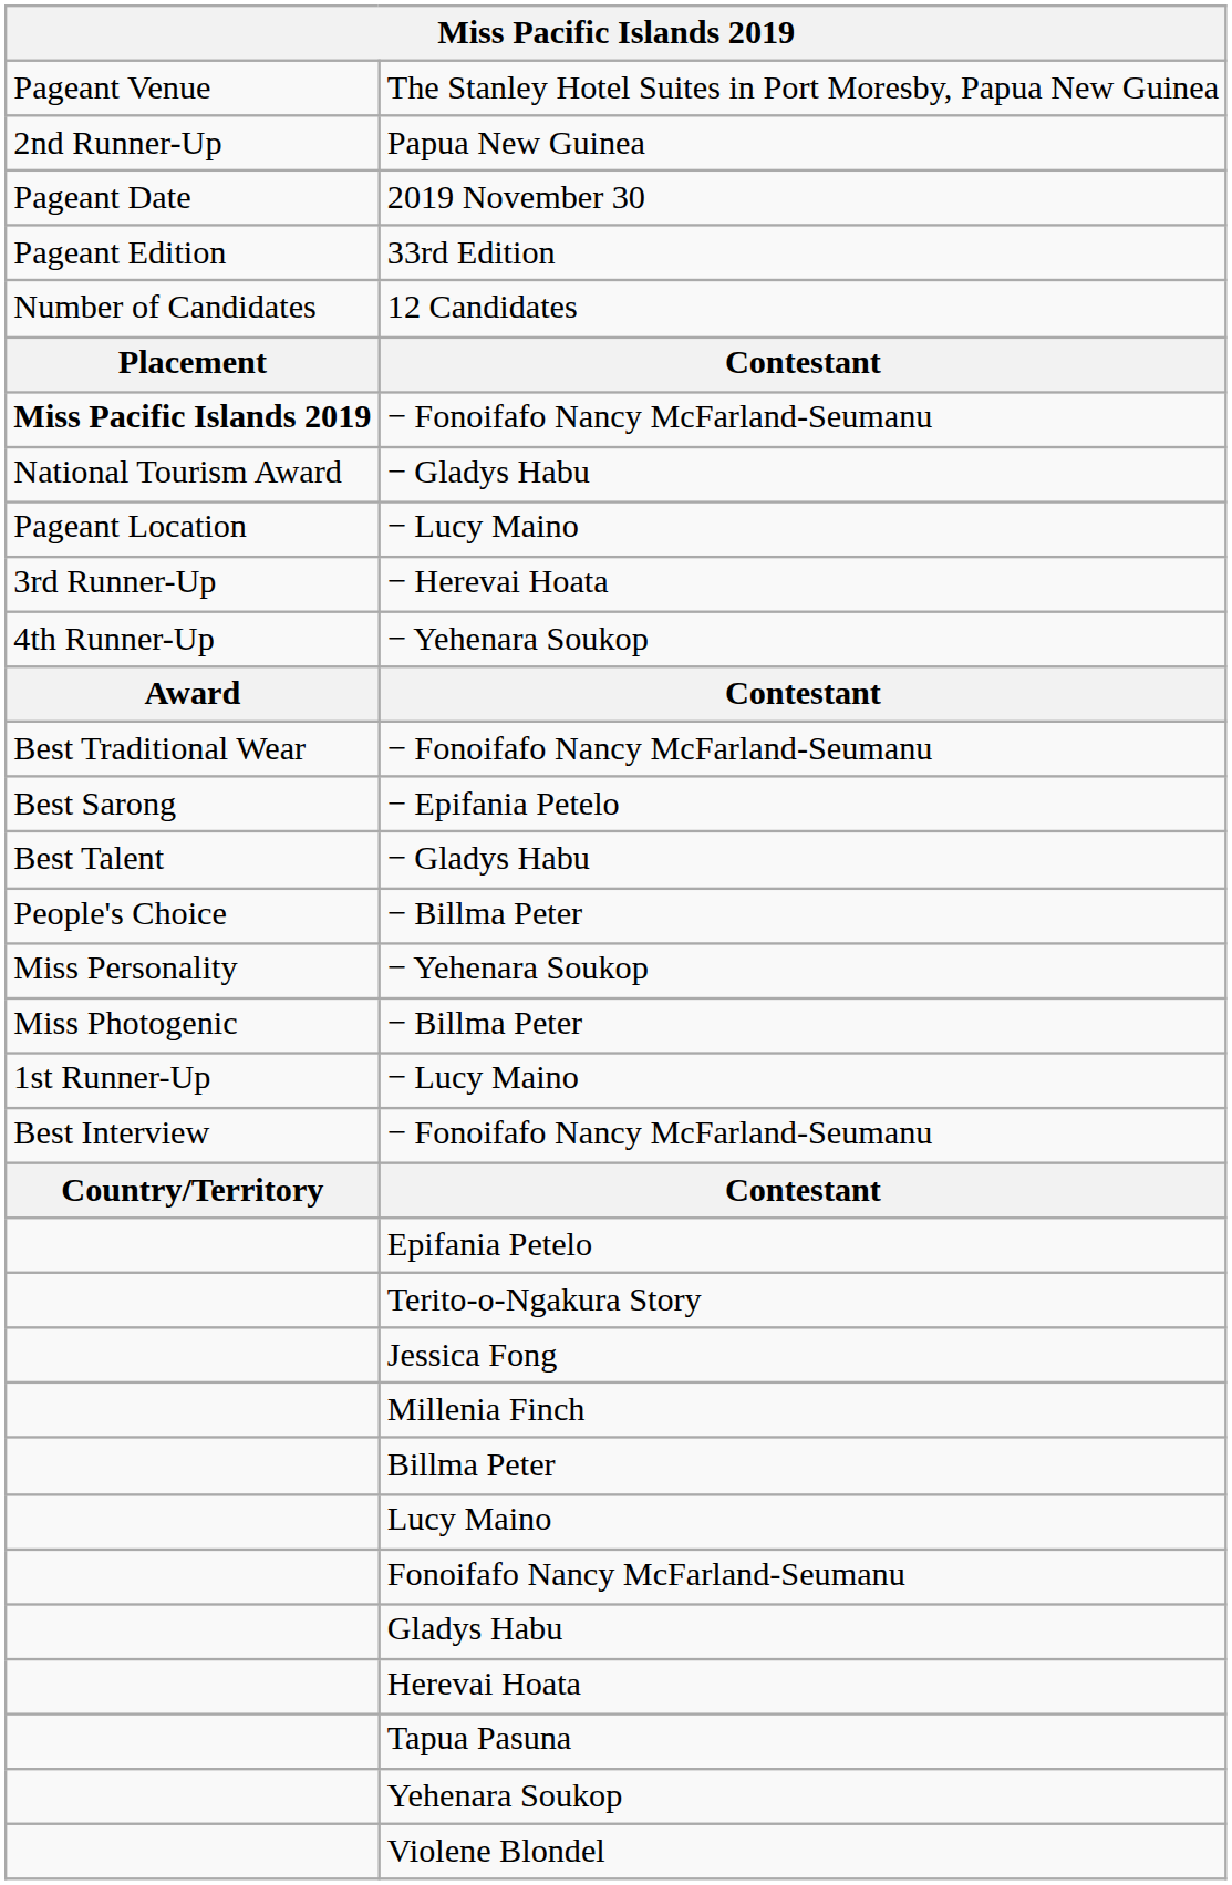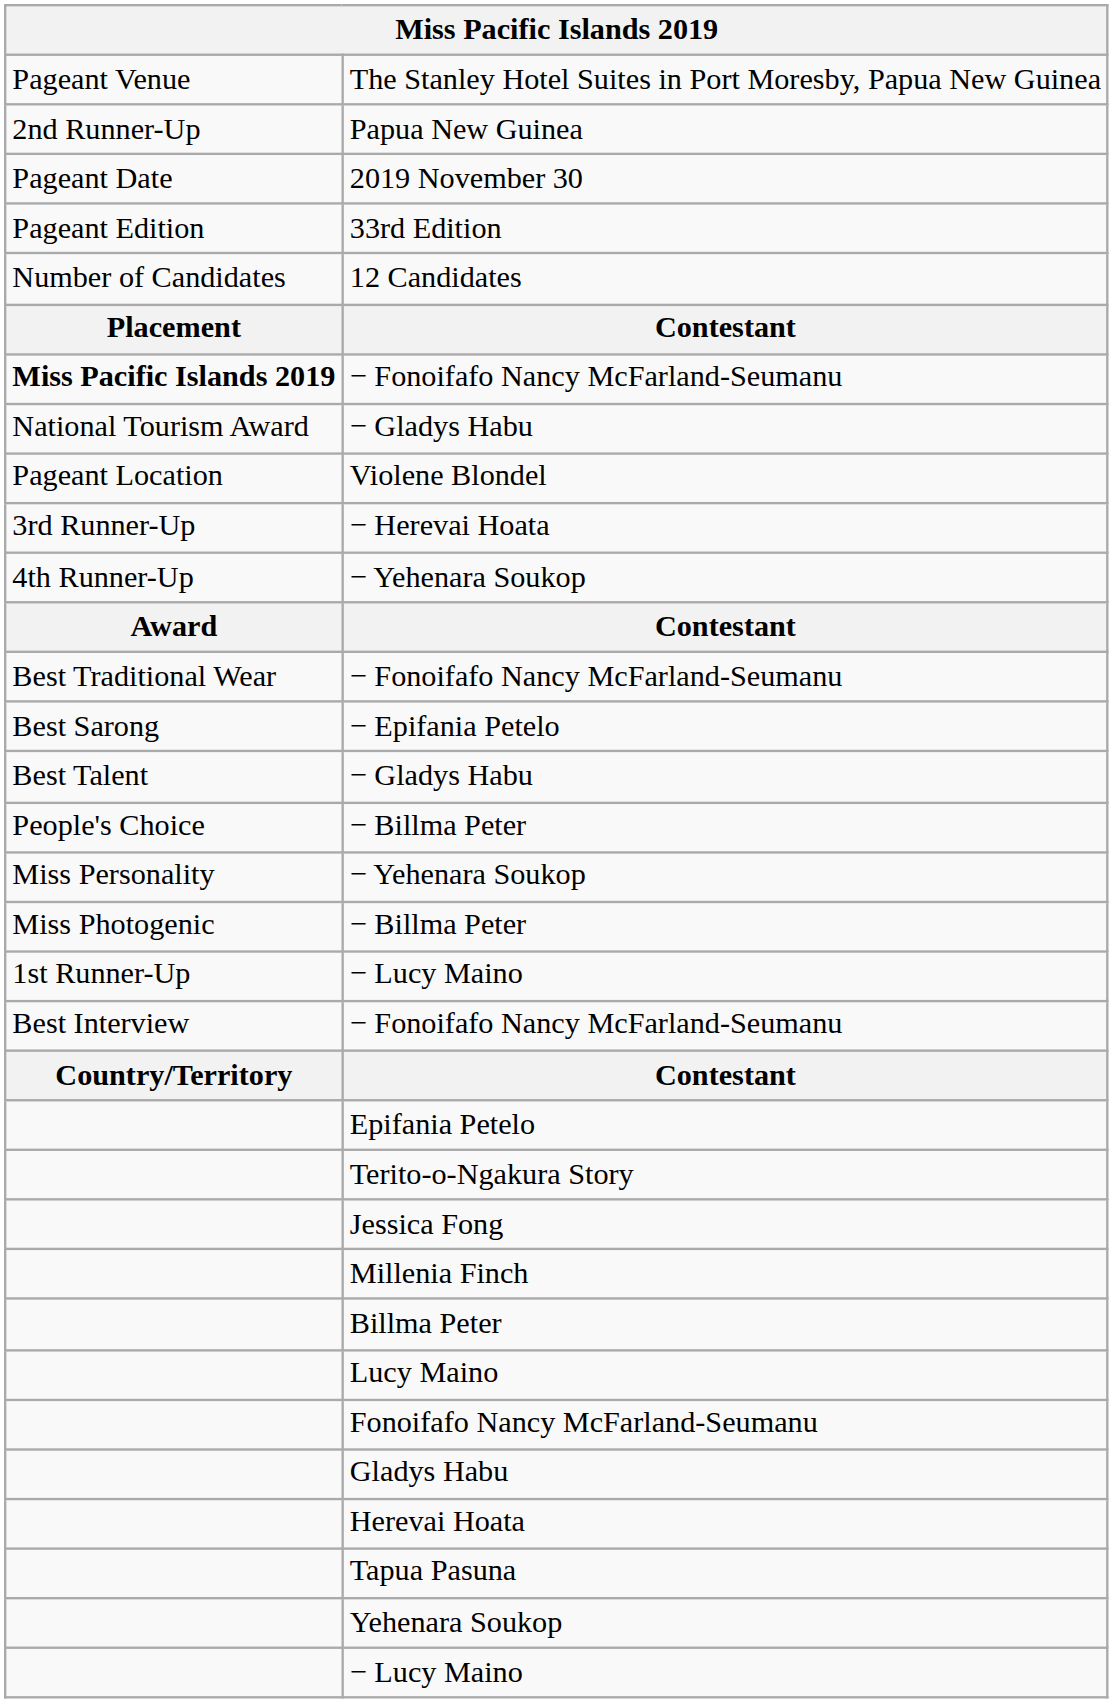 <table class="wikitable sortable" style="font-size: 80%;">
 <tr>
 <th colspan="2"><strong>Miss Pacific Islands 2019</strong></th>
 </tr>
 <tr>
 <td>Pageant Venue</td>
 <td>The Stanley Hotel Suites in Port Moresby, Papua New Guinea</td>
 </tr>
 <tr>
 <td>2nd Runner-Up</td>
 <td>Papua New Guinea</td>
 </tr>
 <tr>
 <td>Pageant Date</td>
 <td>2019 November 30</td>
 </tr>
 <tr>
 <td>Pageant Edition</td>
 <td>33rd Edition</td>
 </tr>
 <tr>
 <td>Number of Candidates</td>
 <td>12 Candidates</td>
 </tr>
 <tr>
 <th>Placement</th>
 <th>Contestant</th>
 </tr>
 <tr>
 <td><strong>Miss Pacific Islands 2019</strong></td>
 <td> − Fonoifafo Nancy McFarland-Seumanu</td>
 </tr>
 <tr>
 <td>National Tourism Award</td>
 <td> − Gladys Habu</td>
 </tr>
 <tr>
 <td>Pageant Location</td>
-<td> − Lucy Maino</td>
+<td>Violene Blondel</td>
 </tr>
 <tr>
 <td>3rd Runner-Up</td>
 <td> − Herevai Hoata</td>
 </tr>
 <tr>
 <td>4th Runner-Up</td>
 <td> − Yehenara Soukop</td>
 </tr>
 <tr>
 <th>Award</th>
 <th>Contestant</th>
 </tr>
 <tr>
 <td>Best Traditional Wear</td>
 <td> − Fonoifafo Nancy McFarland-Seumanu</td>
 </tr>
 <tr>
 <td>Best Sarong</td>
 <td> − Epifania Petelo</td>
 </tr>
 <tr>
 <td>Best Talent</td>
 <td> − Gladys Habu</td>
 </tr>
 <tr>
 <td>People's Choice</td>
 <td> − Billma Peter</td>
 </tr>
 <tr>
 <td>Miss Personality</td>
 <td> − Yehenara Soukop</td>
 </tr>
 <tr>
 <td>Miss Photogenic</td>
 <td> − Billma Peter</td>
 </tr>
 <tr>
 <td>1st Runner-Up</td>
 <td> − Lucy Maino</td>
 </tr>
 <tr>
 <td>Best Interview</td>
 <td> − Fonoifafo Nancy McFarland-Seumanu</td>
 </tr>
 <tr>
 <th><strong>Country/Territory</strong></th>
 <th>Contestant</th>
 </tr>
 <tr>
 <td></td>
 <td>Epifania Petelo</td>
 </tr>
 <tr>
 <td></td>
 <td>Terito-o-Ngakura Story</td>
 </tr>
 <tr>
 <td></td>
 <td>Jessica Fong</td>
 </tr>
 <tr>
 <td></td>
 <td>Millenia Finch</td>
 </tr>
 <tr>
 <td></td>
 <td>Billma Peter</td>
 </tr>
 <tr>
 <td></td>
 <td>Lucy Maino</td>
 </tr>
 <tr>
 <td></td>
 <td>Fonoifafo Nancy McFarland-Seumanu</td>
 </tr>
 <tr>
 <td></td>
 <td>Gladys Habu</td>
 </tr>
 <tr>
 <td></td>
 <td>Herevai Hoata</td>
 </tr>
 <tr>
 <td></td>
 <td>Tapua Pasuna</td>
 </tr>
 <tr>
 <td></td>
 <td>Yehenara Soukop</td>
 </tr>
 <tr>
 <td></td>
-<td>Violene Blondel</td>
+<td> − Lucy Maino</td>
 </tr>
 </table>
